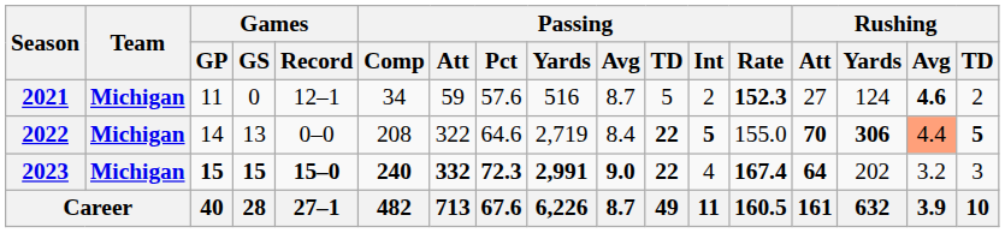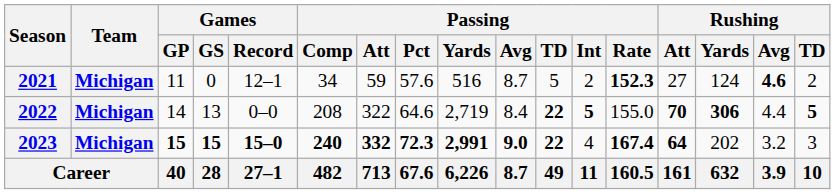 <table class="wikitable" style="text-align:center;">
 <tr>
 <th rowspan="2">Season</th>
 <th rowspan="2">Team</th>
 <th colspan="3">Games</th>
 <th colspan="8">Passing</th>
 <th colspan="5">Rushing</th>
 </tr>
 <tr>
 <th>GP</th>
 <th>GS</th>
 <th>Record</th>
 <th>Comp</th>
 <th>Att</th>
 <th>Pct</th>
 <th>Yards</th>
 <th>Avg</th>
 <th>TD</th>
 <th>Int</th>
 <th>Rate</th>
 <th>Att</th>
 <th>Yards</th>
 <th>Avg</th>
 <th>TD</th>
 </tr>
 <tr>
 <th><a href='#'>2021</a></th>
 <th><a href='#'>Michigan</a></th>
 <td>11</td>
 <td>0</td>
 <td>12–1</td>
 <td>34</td>
 <td>59</td>
 <td>57.6</td>
 <td>516</td>
 <td>8.7</td>
 <td>5</td>
 <td>2</td>
 <td><strong>152.3</strong></td>
 <td>27</td>
 <td>124</td>
 <td><strong>4.6</strong></td>
 <td>2</td>
 </tr>
 <tr>
 <th><a href='#'>2022</a></th>
 <th><a href='#'>Michigan</a></th>
 <td>14</td>
 <td>13</td>
 <td>0–0</td>
 <td>208</td>
 <td>322</td>
 <td>64.6</td>
 <td>2,719</td>
 <td>8.4</td>
 <td><strong>22</strong></td>
 <td><strong>5</strong></td>
 <td>155.0</td>
 <td><strong>70</strong></td>
 <td><strong>306</strong></td>
-<td style="background: lightsalmon;">4.4</td>
+<td>4.4</td>
 <td><strong>5</strong></td>
 </tr>
 <tr>
 <th><a href='#'>2023</a></th>
 <th><a href='#'>Michigan</a></th>
 <td><strong>15</strong></td>
 <td><strong>15</strong></td>
 <td><strong>15–0</strong></td>
 <td><strong>240</strong></td>
 <td><strong>332</strong></td>
 <td><strong>72.3</strong></td>
 <td><strong>2,991</strong></td>
 <td><strong>9.0</strong></td>
 <td><strong>22</strong></td>
 <td>4</td>
 <td><strong>167.4</strong></td>
 <td><strong>64</strong></td>
 <td>202</td>
 <td>3.2</td>
 <td>3</td>
 </tr>
 <tr>
 <th colspan="2">Career</th>
 <th>40</th>
 <th>28</th>
 <th>27–1</th>
 <th>482</th>
 <th>713</th>
 <th>67.6</th>
 <th>6,226</th>
 <th>8.7</th>
 <th>49</th>
 <th>11</th>
 <th>160.5</th>
 <th>161</th>
 <th>632</th>
 <th>3.9</th>
 <th>10</th>
 </tr>
 </table>
